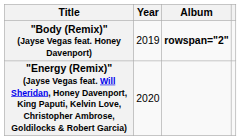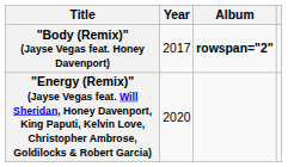 <table class="wikitable plainrowheaders sortable" style="text-align:left;">
 <tr>
 <th scope="col"  style="width:12em;">Title</th>
 <th scope="col"  style="width:2em;">Year</th>
 <th scope="col"  style="width:6em;">Album</th>
 <th rowspan="1"  style="text-align: center;" class="unsortable"></th>
 </tr>
 <tr>
 <th scope="row">"Body (Remix)"<br><small>(Jayse Vegas feat. Honey Davenport)</small></th>
-<td rowspan="1">2019</td>
+<td rowspan="1">2017</td>
 <td><strong>rowspan="2" </strong></td>
 <td style="text-align: center;"></td>
 </tr>
 <tr>
 <th scope="row">"Energy (Remix)"<br><small>(Jayse Vegas feat. <a href='#'>Will Sheridan</a>, Honey Davenport, King Paputi, Kelvin Love, Christopher Ambrose, Goldilocks & Robert Garcia)</small></th>
 <td rowspan="1">2020</td>
 <td style="text-align: center;"></td>
 </tr>
 </table>
